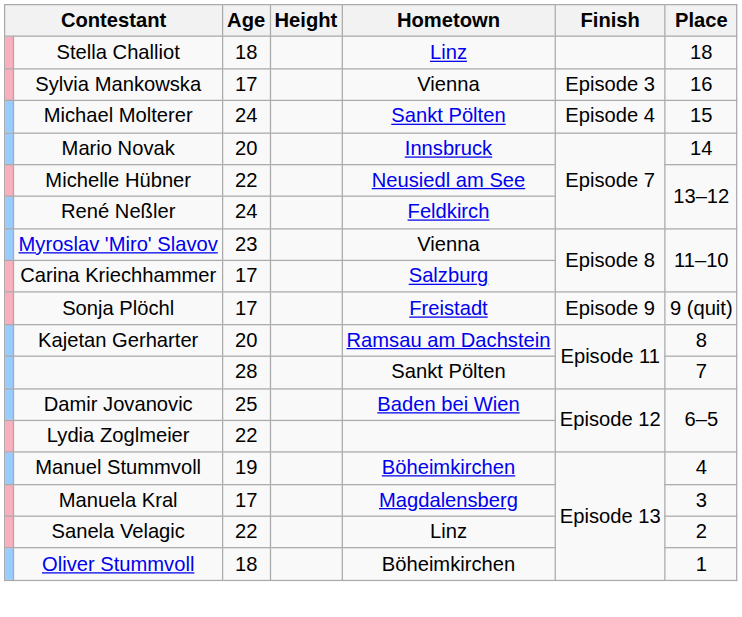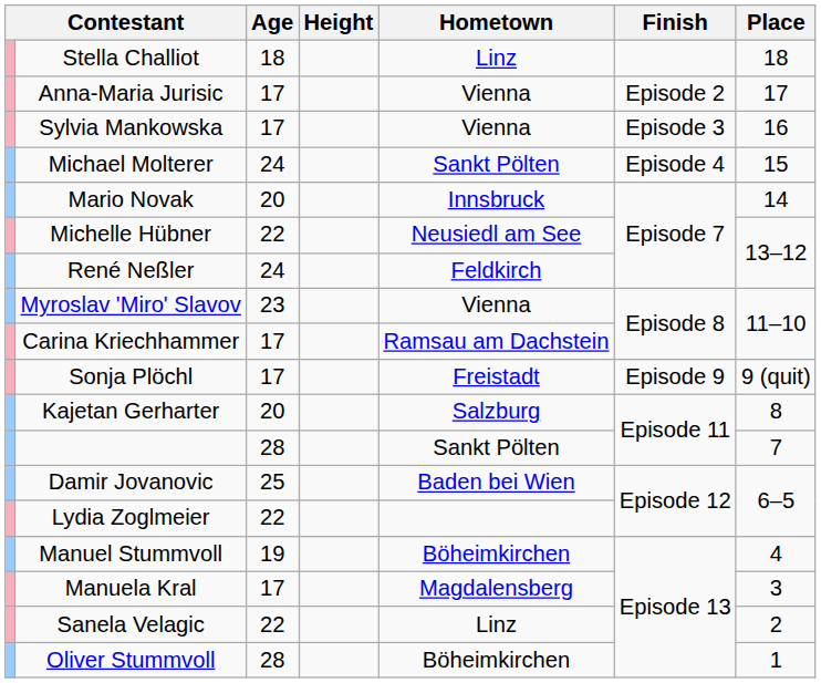 <table class="wikitable sortable" style="text-align:center;">
 <tr>
 <th colspan="2">Contestant</th>
 <th>Age</th>
 <th>Height</th>
 <th>Hometown</th>
 <th>Finish</th>
 <th>Place</th>
 </tr>
 <tr>
 <td style="background:#faafbe"></td>
 <td>Stella Challiot</td>
 <td>18</td>
 <td></td>
 <td><a href='#'>Linz</a></td>
 <td></td>
 <td>18</td>
+</tr>
+<tr>
+<td style="background:#faafbe"></td>
+<td>Anna-Maria Jurisic</td>
+<td>17</td>
+<td></td>
+<td>Vienna</td>
+<td>Episode 2</td>
+<td>17</td>
 </tr>
 <tr>
 <td style="background:#faafbe"></td>
 <td>Sylvia Mankowska</td>
 <td>17</td>
 <td></td>
 <td>Vienna</td>
 <td>Episode 3</td>
 <td>16</td>
 </tr>
 <tr>
 <td style="background:#9cf;"></td>
 <td>Michael Molterer</td>
 <td>24</td>
 <td></td>
 <td><a href='#'>Sankt Pölten</a></td>
 <td>Episode 4</td>
 <td>15</td>
 </tr>
 <tr>
 <td style="background:#9cf;"></td>
 <td>Mario Novak</td>
 <td>20</td>
 <td></td>
 <td><a href='#'>Innsbruck</a></td>
 <td rowspan="3">Episode 7</td>
 <td>14</td>
 </tr>
 <tr>
 <td style="background:#faafbe"></td>
 <td>Michelle Hübner</td>
 <td>22</td>
 <td></td>
 <td><a href='#'>Neusiedl am See</a></td>
 <td rowspan="2">13–12</td>
 </tr>
 <tr>
 <td style="background:#9cf;"></td>
 <td>René Neßler</td>
 <td>24</td>
 <td></td>
 <td><a href='#'>Feldkirch</a></td>
 </tr>
 <tr>
 <td style="background:#9cf;"></td>
 <td><a href='#'>Myroslav 'Miro' Slavov</a></td>
 <td>23</td>
 <td></td>
 <td>Vienna</td>
 <td rowspan="2">Episode 8</td>
 <td rowspan="2">11–10</td>
 </tr>
 <tr>
 <td style="background:#faafbe"></td>
 <td>Carina Kriechhammer</td>
 <td>17</td>
 <td></td>
-<td><a href='#'>Salzburg</a></td>
+<td><a href='#'>Ramsau am Dachstein</a></td>
 </tr>
 <tr>
 <td style="background:#faafbe"></td>
 <td>Sonja Plöchl</td>
 <td>17</td>
 <td></td>
 <td><a href='#'>Freistadt</a></td>
 <td>Episode 9</td>
 <td>9 (quit)</td>
 </tr>
 <tr>
 <td style="background:#9cf;"></td>
 <td>Kajetan Gerharter</td>
 <td>20</td>
 <td></td>
-<td><a href='#'>Ramsau am Dachstein</a></td>
+<td><a href='#'>Salzburg</a></td>
 <td rowspan="2">Episode 11</td>
 <td>8</td>
 </tr>
 <tr>
 <td style="background:#9cf;"></td>
 <td></td>
 <td>28</td>
 <td></td>
 <td>Sankt Pölten</td>
 <td>7</td>
 </tr>
 <tr>
 <td style="background:#9cf;"></td>
 <td>Damir Jovanovic</td>
 <td>25</td>
 <td></td>
 <td><a href='#'>Baden bei Wien</a></td>
 <td rowspan=2>Episode 12</td>
 <td rowspan="2">6–5</td>
 </tr>
 <tr>
 <td style="background:#faafbe"></td>
 <td>Lydia Zoglmeier</td>
 <td>22</td>
 <td></td>
 <td></td>
 </tr>
 <tr>
 <td style="background:#9cf;"></td>
 <td>Manuel Stummvoll</td>
 <td>19</td>
 <td></td>
 <td><a href='#'>Böheimkirchen</a></td>
 <td rowspan="4">Episode 13</td>
 <td>4</td>
 </tr>
 <tr>
 <td style="background:#faafbe"></td>
 <td>Manuela Kral</td>
 <td>17</td>
 <td></td>
 <td><a href='#'>Magdalensberg</a></td>
 <td>3</td>
 </tr>
 <tr>
 <td style="background:#faafbe"></td>
 <td>Sanela Velagic</td>
 <td>22</td>
 <td></td>
 <td>Linz</td>
 <td>2</td>
 </tr>
 <tr>
 <td style="background:#9cf;"></td>
 <td><a href='#'>Oliver Stummvoll</a></td>
-<td>18</td>
+<td>28</td>
 <td></td>
 <td>Böheimkirchen</td>
 <td>1</td>
 </tr>
 </table>
